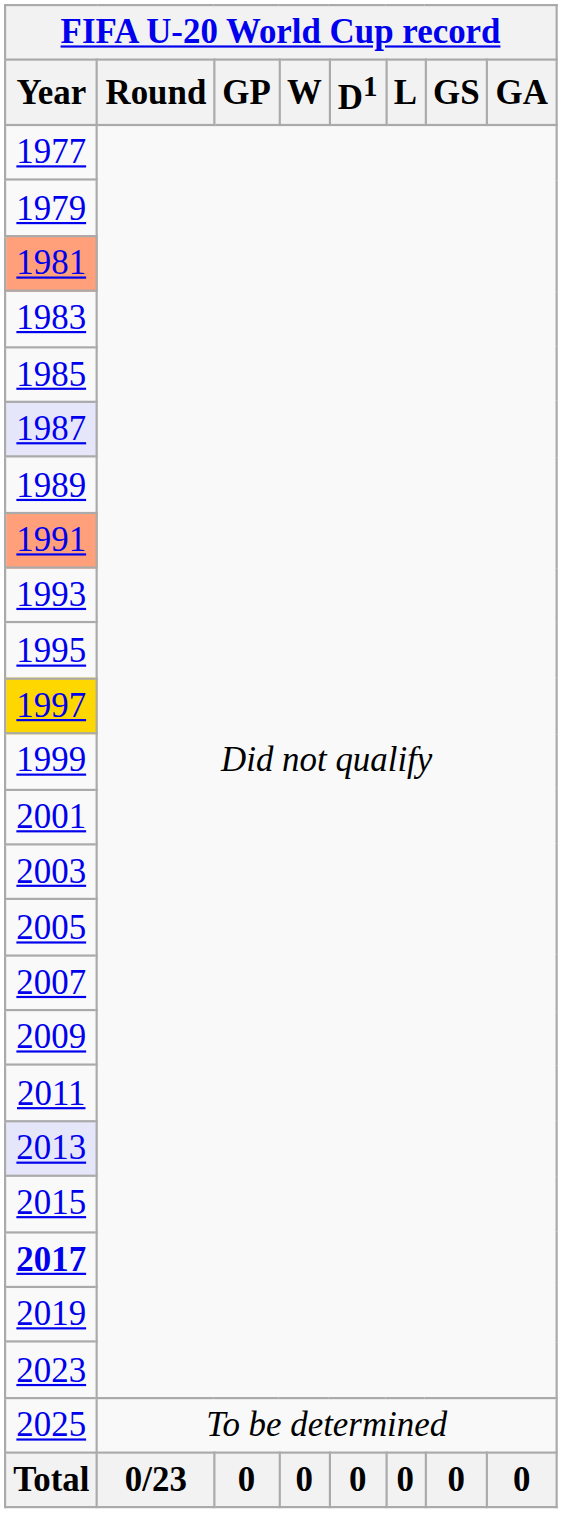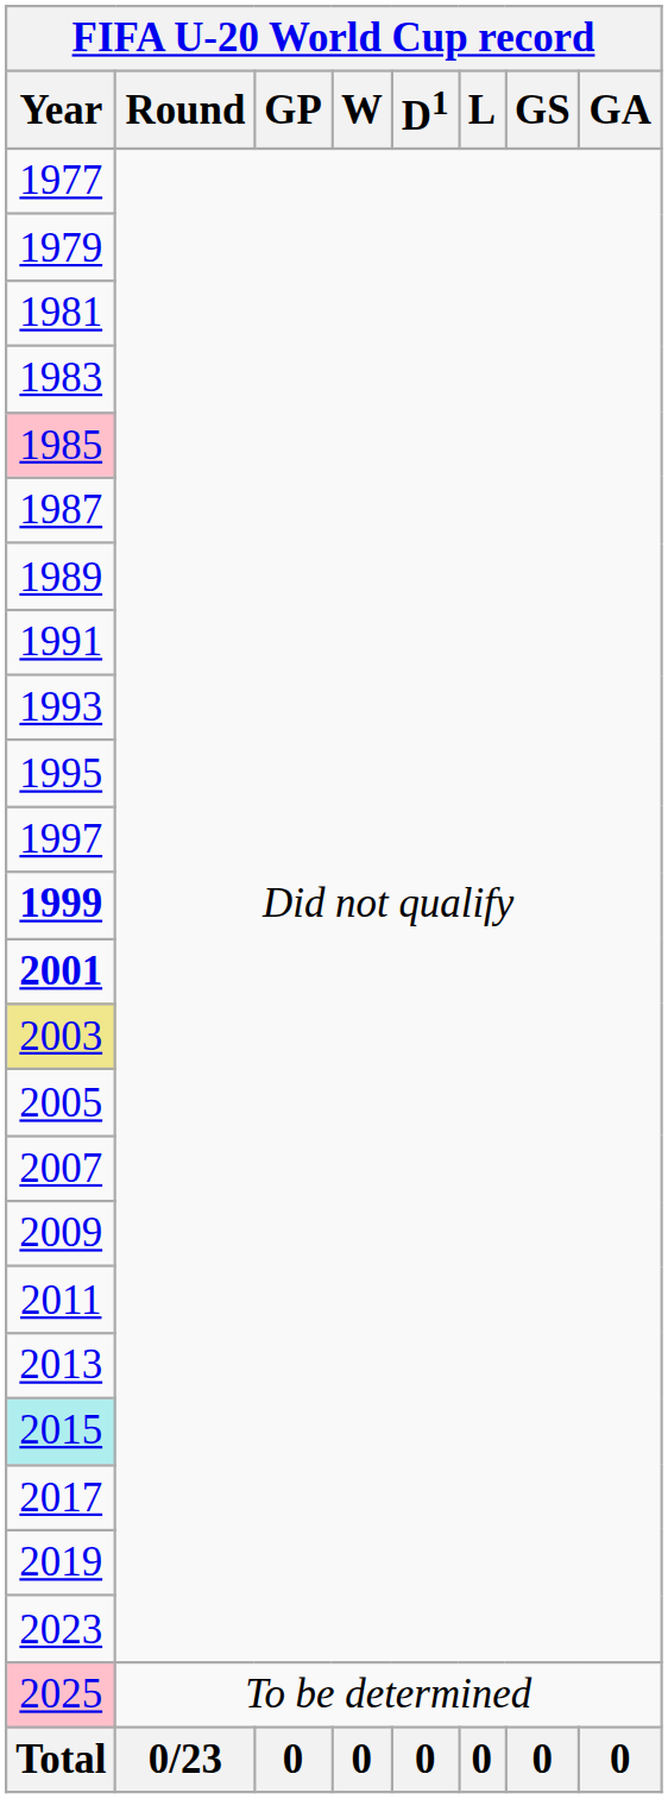 <table class="wikitable" style="text-align: center;">
 <tr>
 <th colspan=8><a href='#'>FIFA U-20 World Cup record</a></th>
 </tr>
 <tr>
 <th>Year</th>
 <th>Round</th>
 <th>GP</th>
 <th>W</th>
 <th>D<sup>1</sup></th>
 <th>L</th>
 <th>GS</th>
 <th>GA</th>
 </tr>
 <tr>
 <td> <a href='#'>1977</a></td>
 <td colspan=7 rowspan=23><em>Did not qualify</em></td>
 </tr>
 <tr>
 <td> <a href='#'>1979</a></td>
 </tr>
 <tr>
-<td style="background: lightsalmon;"> <a href='#'>1981</a></td>
+<td> <a href='#'>1981</a></td>
 </tr>
 <tr>
 <td> <a href='#'>1983</a></td>
 </tr>
 <tr>
-<td> <a href='#'>1985</a></td>
+<td style="background: pink;"> <a href='#'>1985</a></td>
 </tr>
 <tr>
-<td style="background: lavender;"> <a href='#'>1987</a></td>
+<td> <a href='#'>1987</a></td>
 </tr>
 <tr>
 <td> <a href='#'>1989</a></td>
 </tr>
 <tr>
-<td style="background: lightsalmon;"> <a href='#'>1991</a></td>
+<td> <a href='#'>1991</a></td>
 </tr>
 <tr>
 <td> <a href='#'>1993</a></td>
 </tr>
 <tr>
 <td> <a href='#'>1995</a></td>
 </tr>
 <tr>
-<td style="background: gold;"> <a href='#'>1997</a></td>
+<td> <a href='#'>1997</a></td>
 </tr>
 <tr>
-<td> <a href='#'>1999</a></td>
+<td><strong> <a href='#'>1999</a></strong></td>
 </tr>
 <tr>
-<td> <a href='#'>2001</a></td>
+<td><strong> <a href='#'>2001</a></strong></td>
 </tr>
 <tr>
-<td> <a href='#'>2003</a></td>
+<td style="background: khaki;"> <a href='#'>2003</a></td>
 </tr>
 <tr>
 <td> <a href='#'>2005</a></td>
 </tr>
 <tr>
 <td> <a href='#'>2007</a></td>
 </tr>
 <tr>
 <td> <a href='#'>2009</a></td>
 </tr>
 <tr>
 <td> <a href='#'>2011</a></td>
 </tr>
 <tr>
-<td style="background: lavender;"> <a href='#'>2013</a></td>
+<td> <a href='#'>2013</a></td>
 </tr>
 <tr>
-<td> <a href='#'>2015</a></td>
+<td style="background: paleturquoise;"> <a href='#'>2015</a></td>
 </tr>
 <tr>
-<td><strong> <a href='#'>2017</a></strong></td>
+<td> <a href='#'>2017</a></td>
 </tr>
 <tr>
 <td> <a href='#'>2019</a></td>
 </tr>
 <tr>
 <td> <a href='#'>2023</a></td>
 </tr>
 <tr>
-<td> <a href='#'>2025</a></td>
+<td style="background: pink;"> <a href='#'>2025</a></td>
 <td colspan="7"><em>To be determined</em></td>
 </tr>
 <tr>
 <th><strong>Total</strong></th>
 <th>0/23</th>
 <th>0</th>
 <th>0</th>
 <th>0</th>
 <th>0</th>
 <th>0</th>
 <th>0</th>
 </tr>
 </table>
